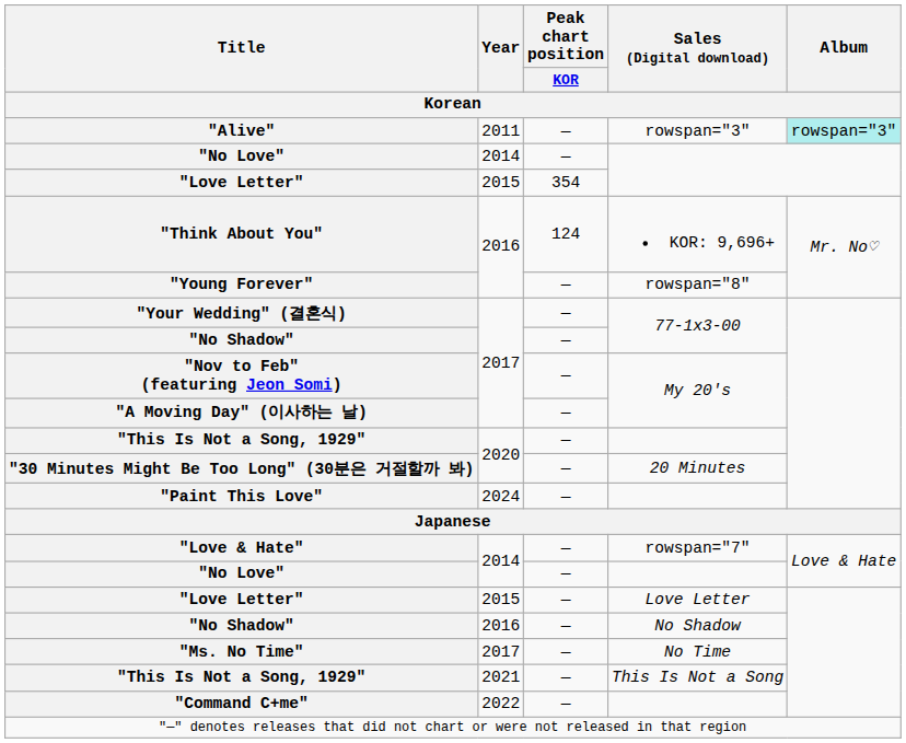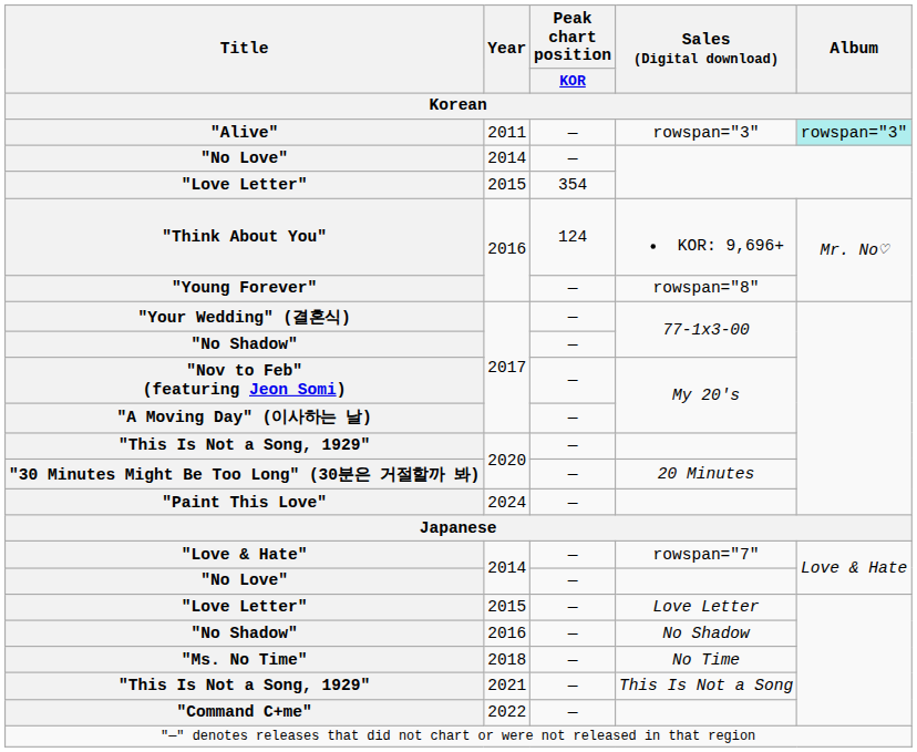 <table class="wikitable plainrowheaders" style="text-align:center;">
 <tr>
 <th scope="col" rowspan="2">Title</th>
 <th scope="col" rowspan="2">Year</th>
 <th scope="col" colspan="1">Peak chart position</th>
 <th scope="col" rowspan="2">Sales<br><small>(Digital download)</small></th>
 <th scope="col" rowspan="2">Album</th>
 </tr>
 <tr>
 <th scope="col" style="width:3em;font-size:90%;"><a href='#'>KOR</a><br></th>
 </tr>
 <tr>
 <th colspan="5">Korean</th>
 </tr>
 <tr>
 <th scope="row">"Alive"</th>
 <td>2011</td>
 <td>—</td>
 <td>rowspan="3" </td>
 <td style="background: paleturquoise;">rowspan="3" </td>
 </tr>
 <tr>
 <th scope="row">"No Love"</th>
 <td>2014</td>
 <td>—</td>
 </tr>
 <tr>
 <th scope="row">"Love Letter"</th>
 <td>2015</td>
 <td>354</td>
 </tr>
 <tr>
 <th scope="row">"Think About You"</th>
 <td rowspan="2">2016</td>
 <td>124</td>
 <td><br><ul><li>KOR: 9,696+</li></ul></td>
 <td rowspan="2"><em>Mr. No♡</em></td>
 </tr>
 <tr>
 <th scope="row">"Young Forever"</th>
 <td>—</td>
 <td>rowspan="8" </td>
 </tr>
 <tr>
 <th scope="row">"Your Wedding" (결혼식)</th>
 <td rowspan="4">2017</td>
 <td>—</td>
 <td rowspan="2"><em>77-1x3-00</em></td>
 </tr>
 <tr>
 <th scope="row">"No Shadow"</th>
 <td>—</td>
 </tr>
 <tr>
 <th scope="row">"Nov to Feb"<br><span>(featuring <a href='#'>Jeon Somi</a>)</span></th>
 <td>—</td>
 <td rowspan="2"><em>My 20's</em></td>
 </tr>
 <tr>
 <th scope="row">"A Moving Day" (이사하는 날)</th>
 <td>—</td>
 </tr>
 <tr>
 <th scope="row">"This Is Not a Song, 1929"</th>
 <td rowspan="2">2020</td>
 <td>—</td>
 <td></td>
 </tr>
 <tr>
 <th scope="row">"30 Minutes Might Be Too Long" (30분은 거절할까 봐)</th>
 <td>—</td>
 <td><em>20 Minutes</em></td>
 </tr>
 <tr>
 <th scope="row">"Paint This Love"</th>
 <td>2024</td>
 <td>—</td>
 <td></td>
 </tr>
 <tr>
 <th colspan="5">Japanese</th>
 </tr>
 <tr>
 <th scope="row">"Love & Hate"</th>
 <td rowspan="2">2014</td>
 <td>—</td>
 <td>rowspan="7" </td>
 <td rowspan="2"><em>Love & Hate</em></td>
 </tr>
 <tr>
 <th scope="row">"No Love"</th>
 <td>—</td>
 </tr>
 <tr>
 <th scope="row">"Love Letter"</th>
 <td>2015</td>
 <td>—</td>
 <td><em>Love Letter</em></td>
 </tr>
 <tr>
 <th scope="row">"No Shadow"</th>
 <td>2016</td>
 <td>—</td>
 <td><em>No Shadow</em></td>
 </tr>
 <tr>
 <th scope="row">"Ms. No Time"</th>
-<td>2017</td>
+<td>2018</td>
 <td>—</td>
 <td><em>No Time</em></td>
 </tr>
 <tr>
 <th scope="row">"This Is Not a Song, 1929"</th>
 <td>2021</td>
 <td>—</td>
 <td><em>This Is Not a Song</em></td>
 </tr>
 <tr>
 <th scope="row">"Command C+me"</th>
 <td>2022</td>
 <td>—</td>
 <td></td>
 </tr>
 <tr>
 <td colspan="6" style="font-size:8pt;">"—" denotes releases that did not chart or were not released in that region</td>
 </tr>
 </table>
